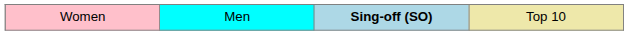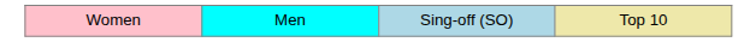 <table border="2" cellpadding="6" style="background:gray; border:1px solid gray; border-collapse:collapse; margin:1em auto; text-align:center;">
 <tr>
 </tr>
 <tr>
 <td style="background:pink;" width="15%">Women</td>
 <td style="background:cyan;" width="15%">Men</td>
-<td style="background:lightblue;" width="15%"><strong>Sing-off (SO)</strong></td>
+<td style="background:lightblue;" width="15%">Sing-off (SO)</td>
 <td style="background:palegoldenrod;" width="15%">Top 10</td>
 </tr>
 </table>
